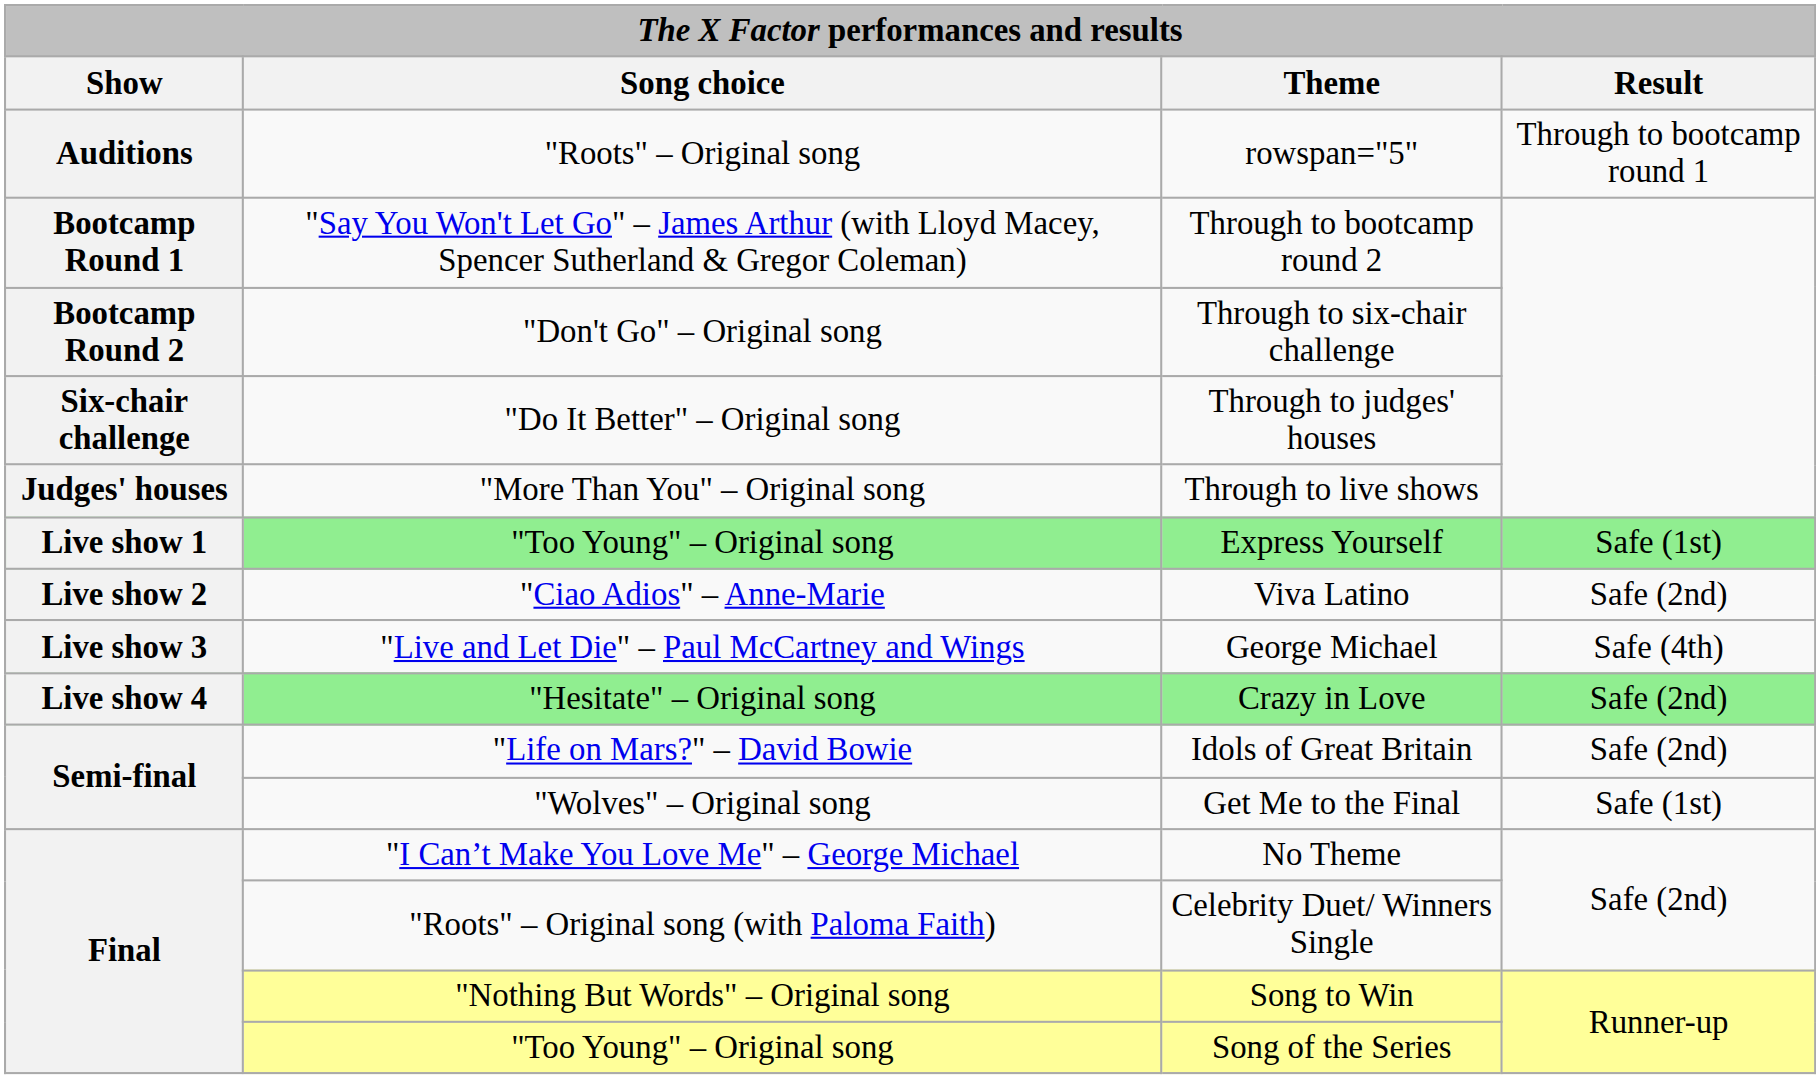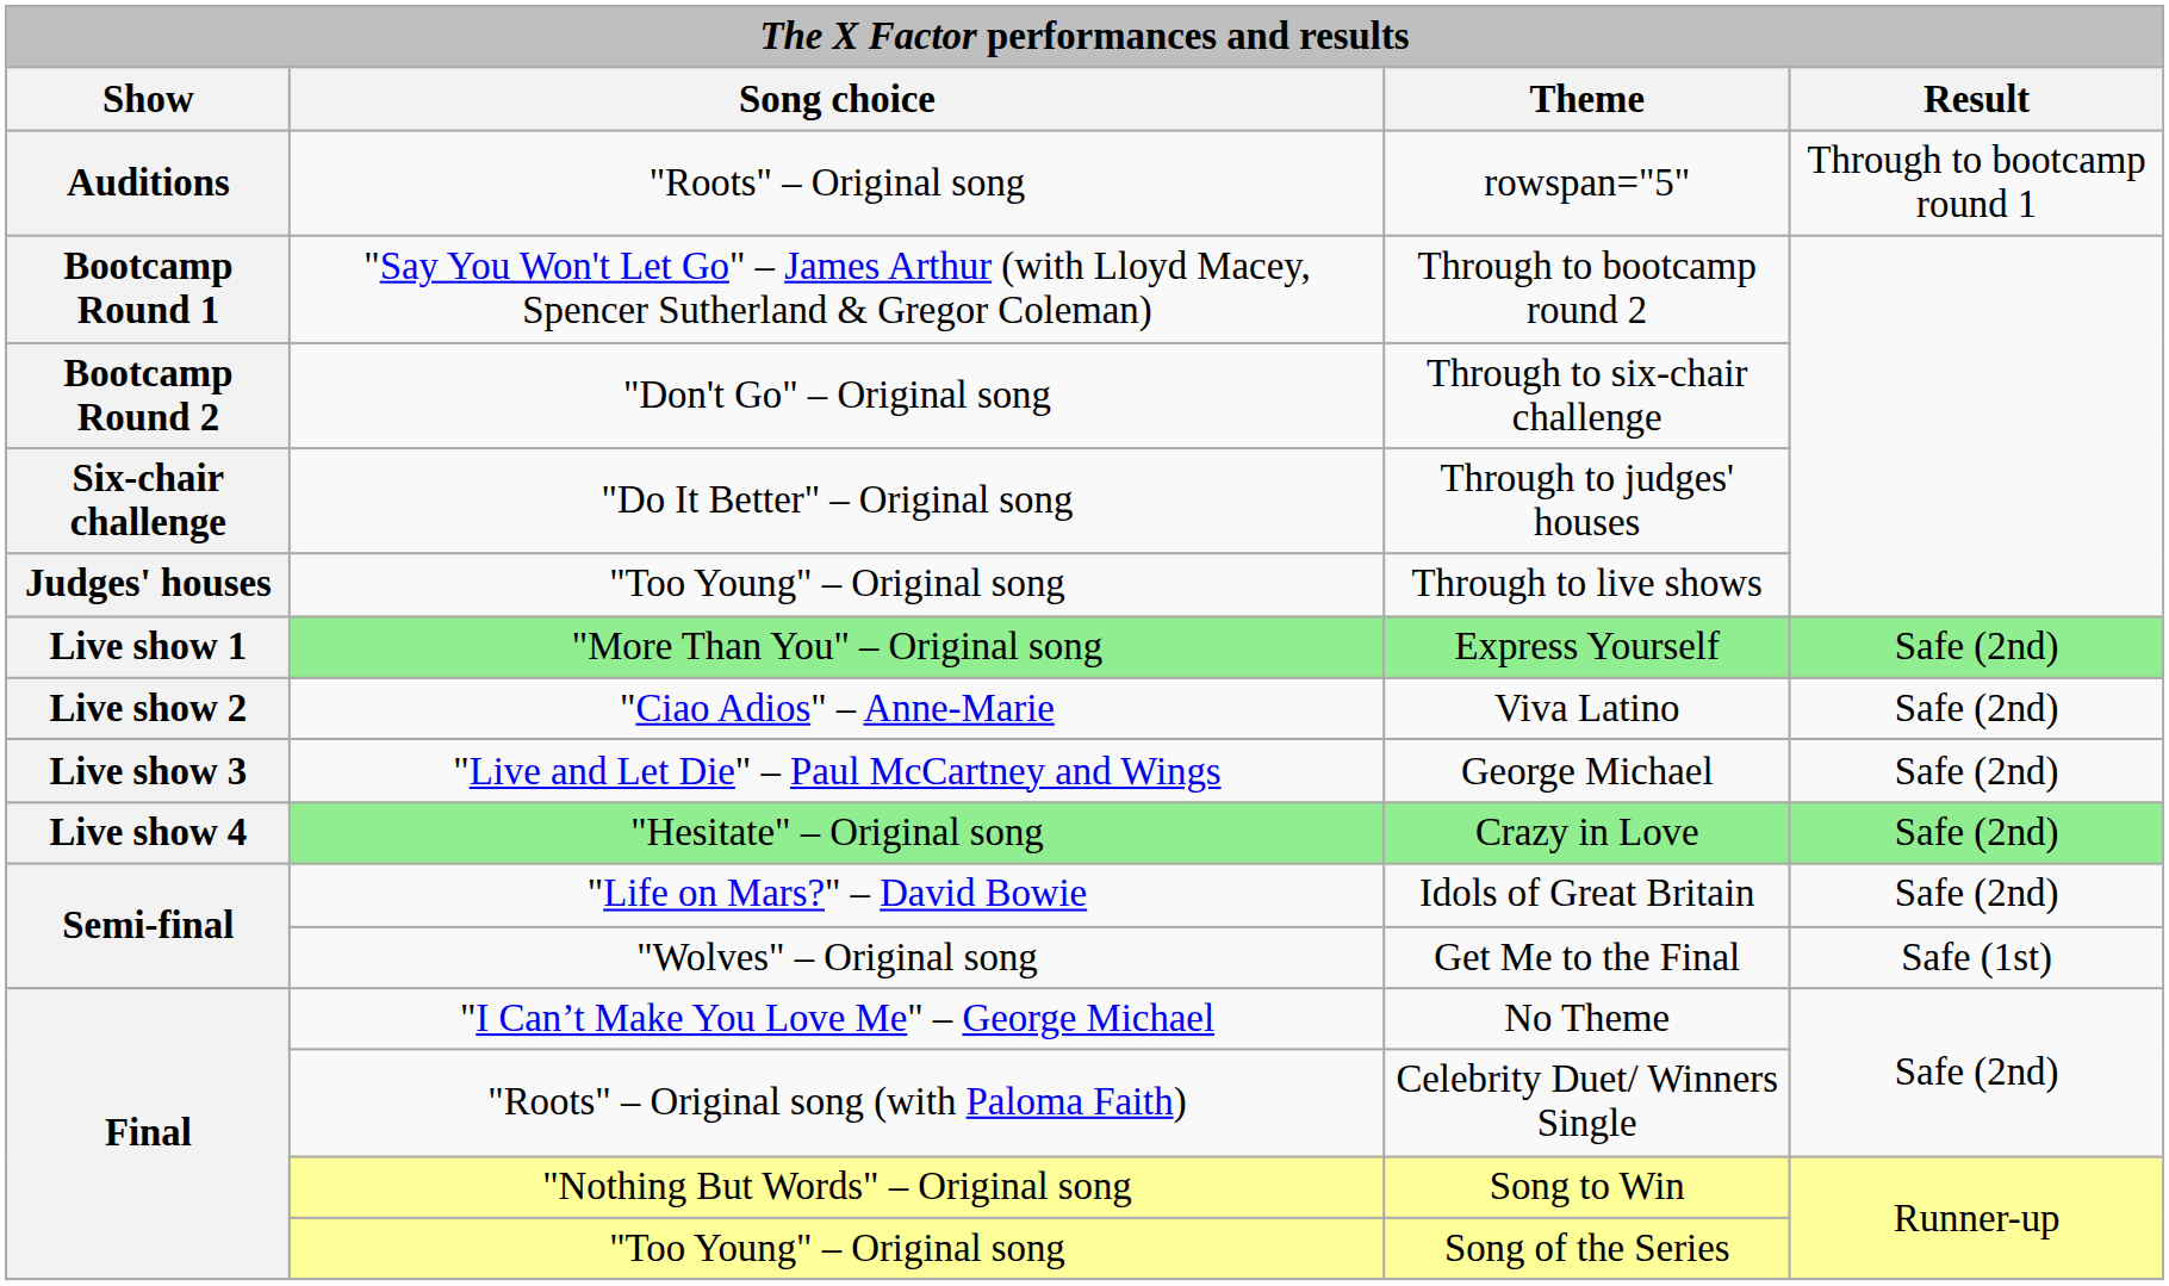 <table class="wikitable collapsible collapsed" style="width:100%; margin:1em auto 1em auto; text-align:center;">
 <tr>
 <th colspan="5" style="background:#BFBFBF;"><em>The X Factor</em> performances and results</th>
 </tr>
 <tr>
 <th style="text-align:centre;">Show</th>
 <th style="text-align:centre;">Song choice</th>
 <th style="text-align:centre;">Theme</th>
 <th style="text-align:centre;">Result</th>
 </tr>
 <tr>
 <th>Auditions</th>
 <td>"Roots" – Original song</td>
 <td>rowspan="5" </td>
 <td>Through to bootcamp round 1</td>
 </tr>
 <tr>
 <th>Bootcamp Round 1</th>
 <td>"<a href='#'>Say You Won't Let Go</a>" – <a href='#'>James Arthur</a> (with Lloyd Macey, Spencer Sutherland & Gregor Coleman)</td>
 <td>Through to bootcamp round 2</td>
 </tr>
 <tr>
 <th>Bootcamp Round 2</th>
 <td>"Don't Go" – Original song</td>
 <td>Through to six-chair challenge</td>
 </tr>
 <tr>
 <th>Six-chair challenge</th>
 <td>"Do It Better" – Original song</td>
 <td>Through to judges' houses</td>
 </tr>
 <tr>
 <th>Judges' houses</th>
-<td>"More Than You" – Original song</td>
+<td>"Too Young" – Original song</td>
 <td>Through to live shows</td>
 </tr>
 <tr style="background:lightgreen;">
 <th>Live show 1</th>
-<td>"Too Young" – Original song</td>
+<td>"More Than You" – Original song</td>
 <td>Express Yourself</td>
-<td>Safe (1st)</td>
+<td>Safe (2nd)</td>
 </tr>
 <tr>
 <th>Live show 2</th>
 <td>"<a href='#'>Ciao Adios</a>" – <a href='#'>Anne-Marie</a></td>
 <td>Viva Latino</td>
 <td>Safe (2nd)</td>
 </tr>
 <tr>
 <th>Live show 3</th>
 <td>"<a href='#'>Live and Let Die</a>" – <a href='#'>Paul McCartney and Wings</a></td>
 <td>George Michael</td>
-<td>Safe (4th)</td>
+<td>Safe  (2nd)</td>
 </tr>
 <tr style="background:lightgreen;">
 <th>Live show 4</th>
 <td>"Hesitate" – Original song</td>
 <td>Crazy in Love</td>
 <td>Safe (2nd)</td>
 </tr>
 <tr>
 <th rowspan="2">Semi-final</th>
 <td>"<a href='#'>Life on Mars?</a>" – <a href='#'>David Bowie</a></td>
 <td>Idols of Great Britain</td>
 <td>Safe (2nd)</td>
 </tr>
 <tr>
 <td>"Wolves" – Original song</td>
 <td>Get Me to the Final</td>
 <td>Safe (1st)</td>
 </tr>
 <tr>
 <th rowspan="4">Final</th>
 <td>"<a href='#'>I Can’t Make You Love Me</a>" – <a href='#'>George Michael</a></td>
 <td>No Theme</td>
 <td rowspan="2">Safe (2nd)</td>
 </tr>
 <tr>
 <td>"Roots" – Original song (with <a href='#'>Paloma Faith</a>)</td>
 <td>Celebrity Duet/ Winners Single</td>
 </tr>
 <tr style="background:#ff9;">
 <td>"Nothing But Words" – Original song</td>
 <td>Song to Win</td>
 <td rowspan="2">Runner-up</td>
 </tr>
 <tr style="background:#ff9;">
 <td>"Too Young" – Original song</td>
 <td>Song of the Series</td>
 </tr>
 </table>
